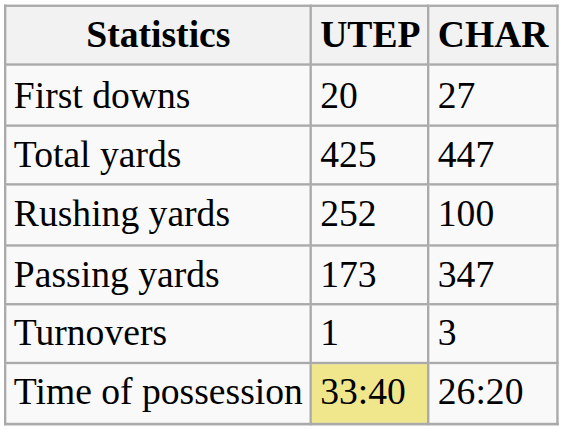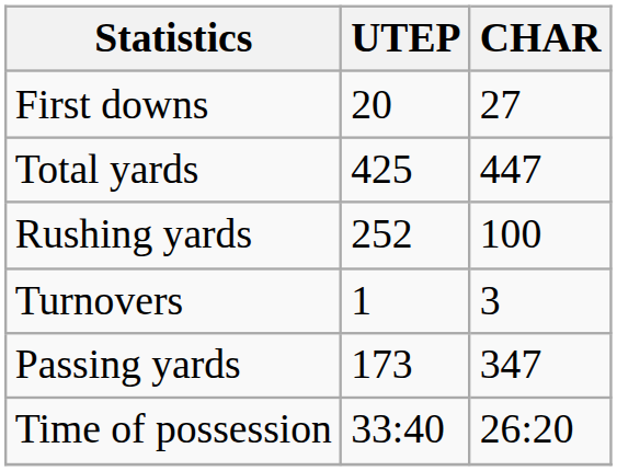 <table class="wikitable" style="float: left;">
 <tr>
 <th>Statistics</th>
 <th>UTEP</th>
 <th>CHAR</th>
 </tr>
 <tr>
 <td>First downs</td>
 <td>20</td>
 <td>27</td>
 </tr>
 <tr>
 <td>Total yards</td>
 <td>425</td>
 <td>447</td>
 </tr>
 <tr>
 <td>Rushing yards</td>
 <td>252</td>
 <td>100</td>
 </tr>
 <tr>
+<td>Turnovers</td>
+<td>1</td>
+<td>3</td>
+</tr>
+<tr>
 <td>Passing yards</td>
 <td>173</td>
 <td>347</td>
 </tr>
 <tr>
-<td>Turnovers</td>
-<td>1</td>
-<td>3</td>
-</tr>
-<tr>
 <td>Time of possession</td>
-<td style="background: khaki;">33:40</td>
+<td>33:40</td>
 <td>26:20</td>
 </tr>
 <tr>
 </tr>
 </table>
